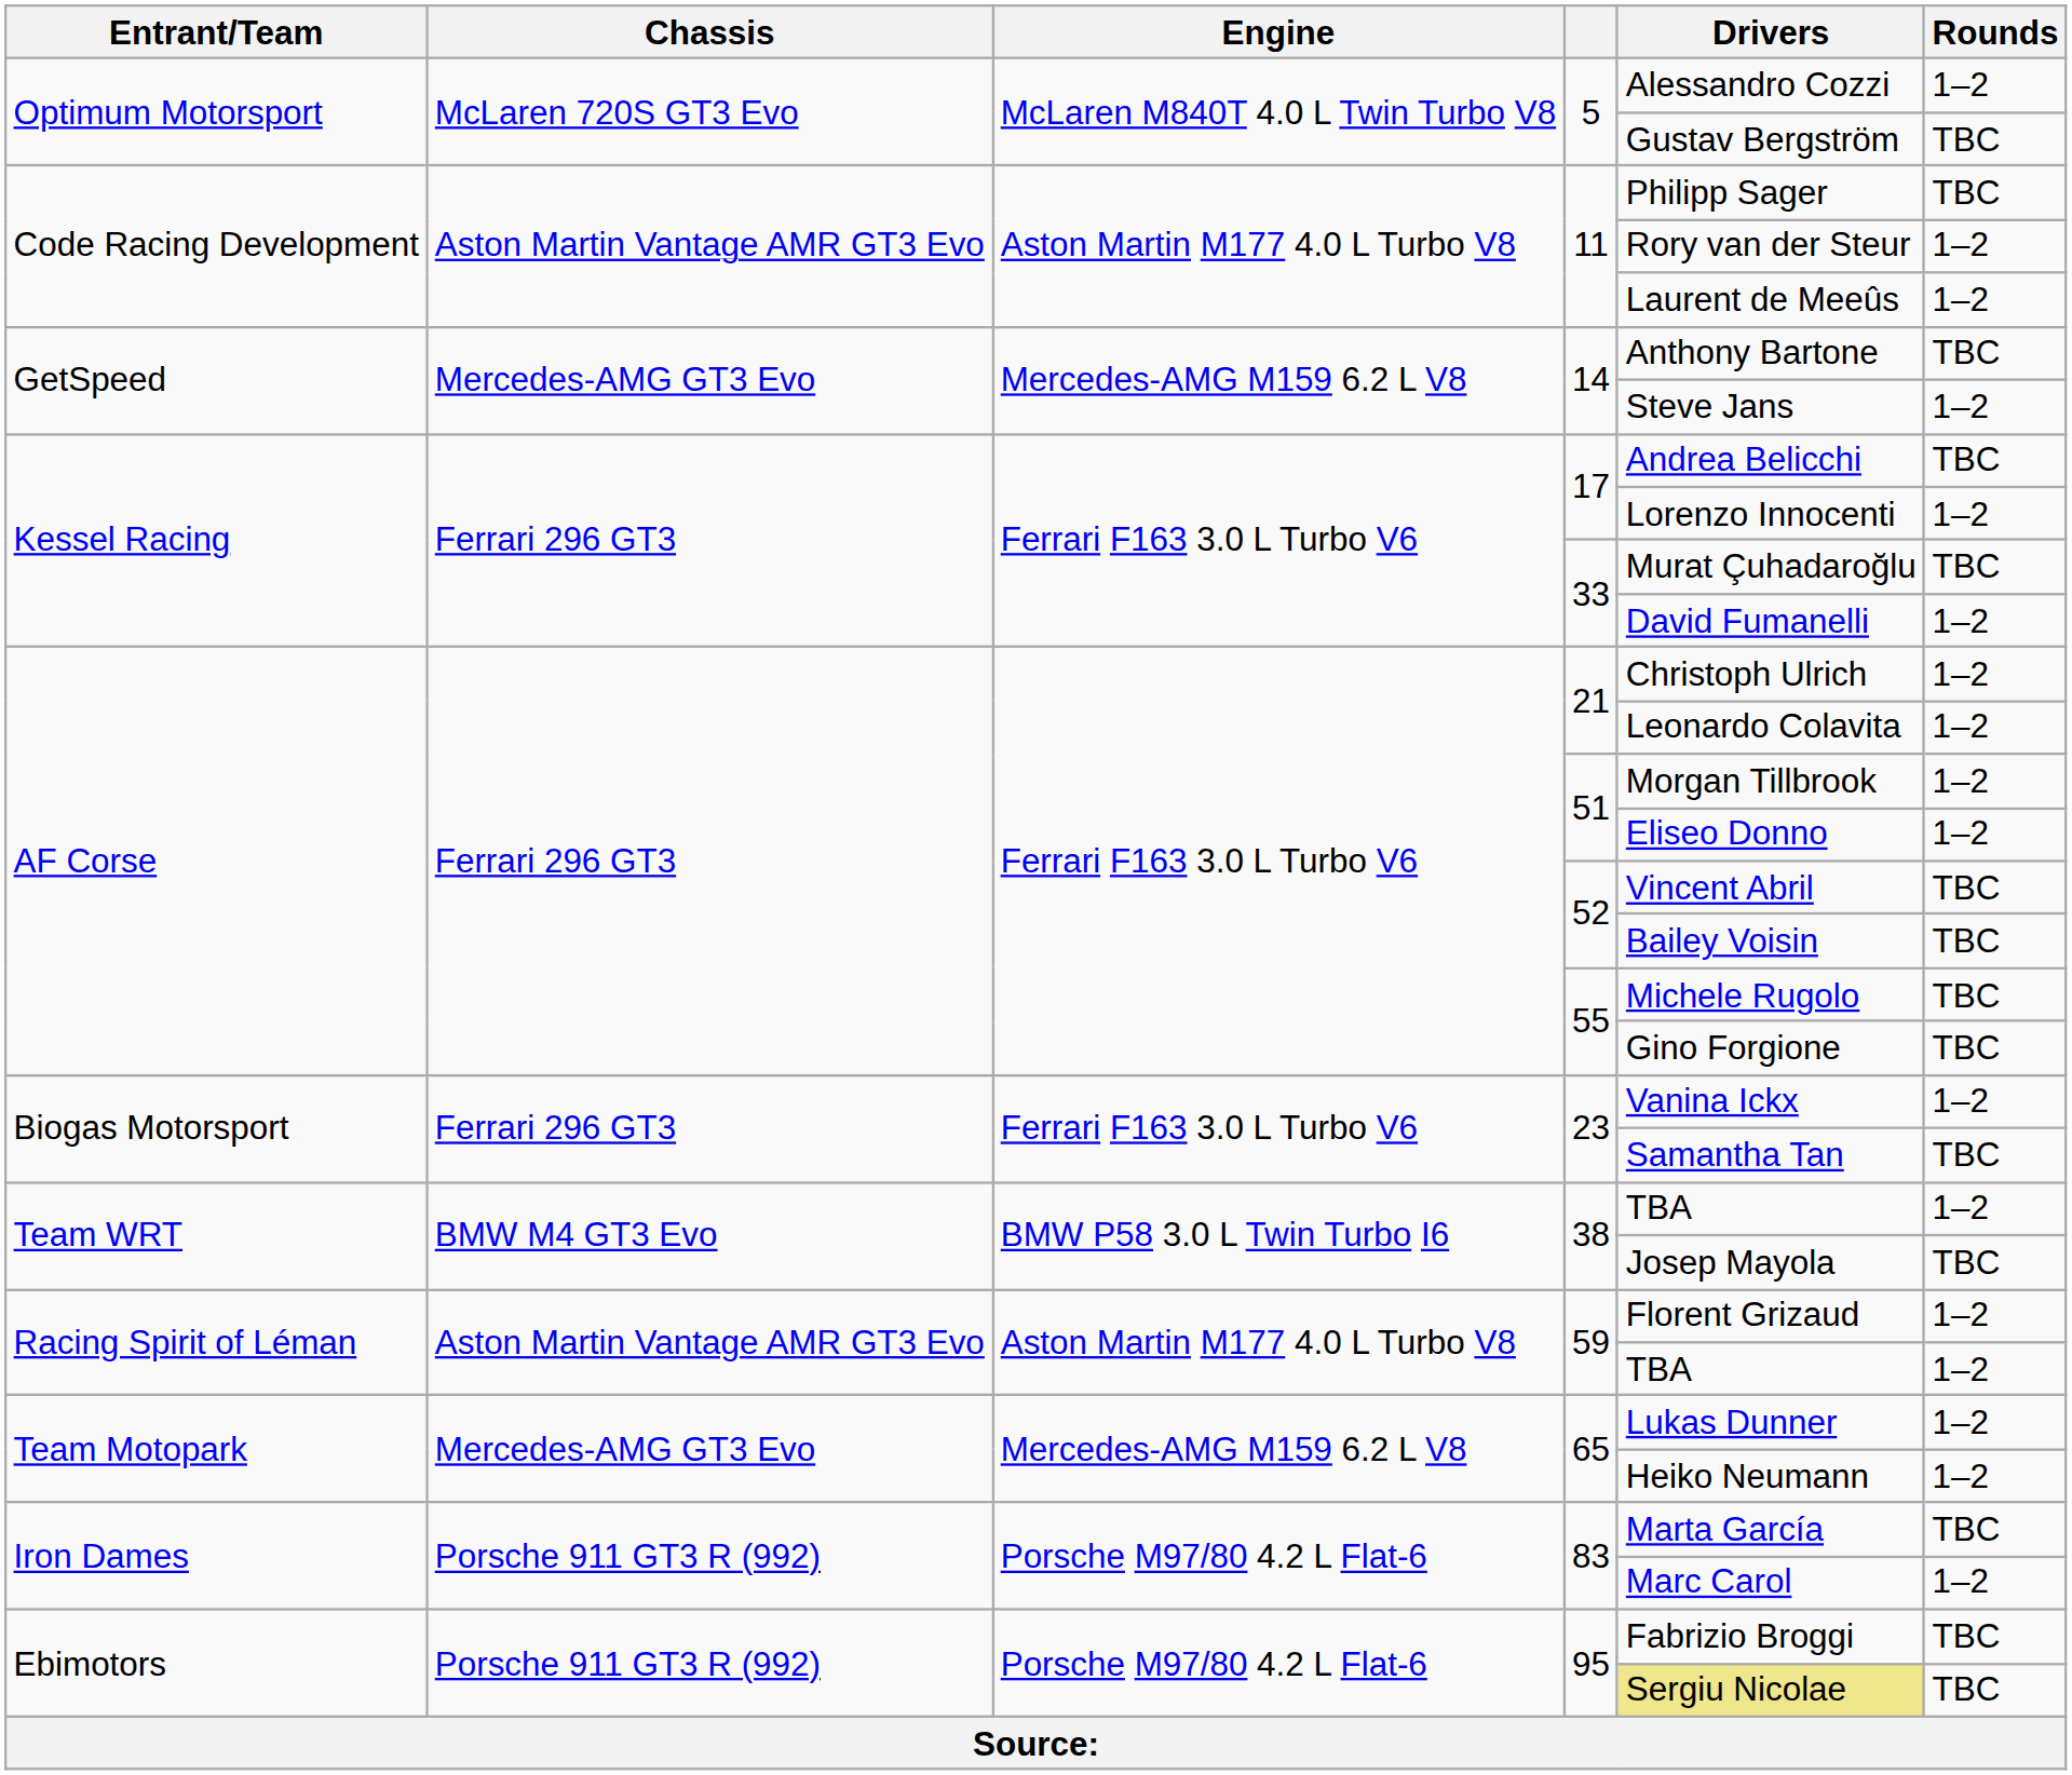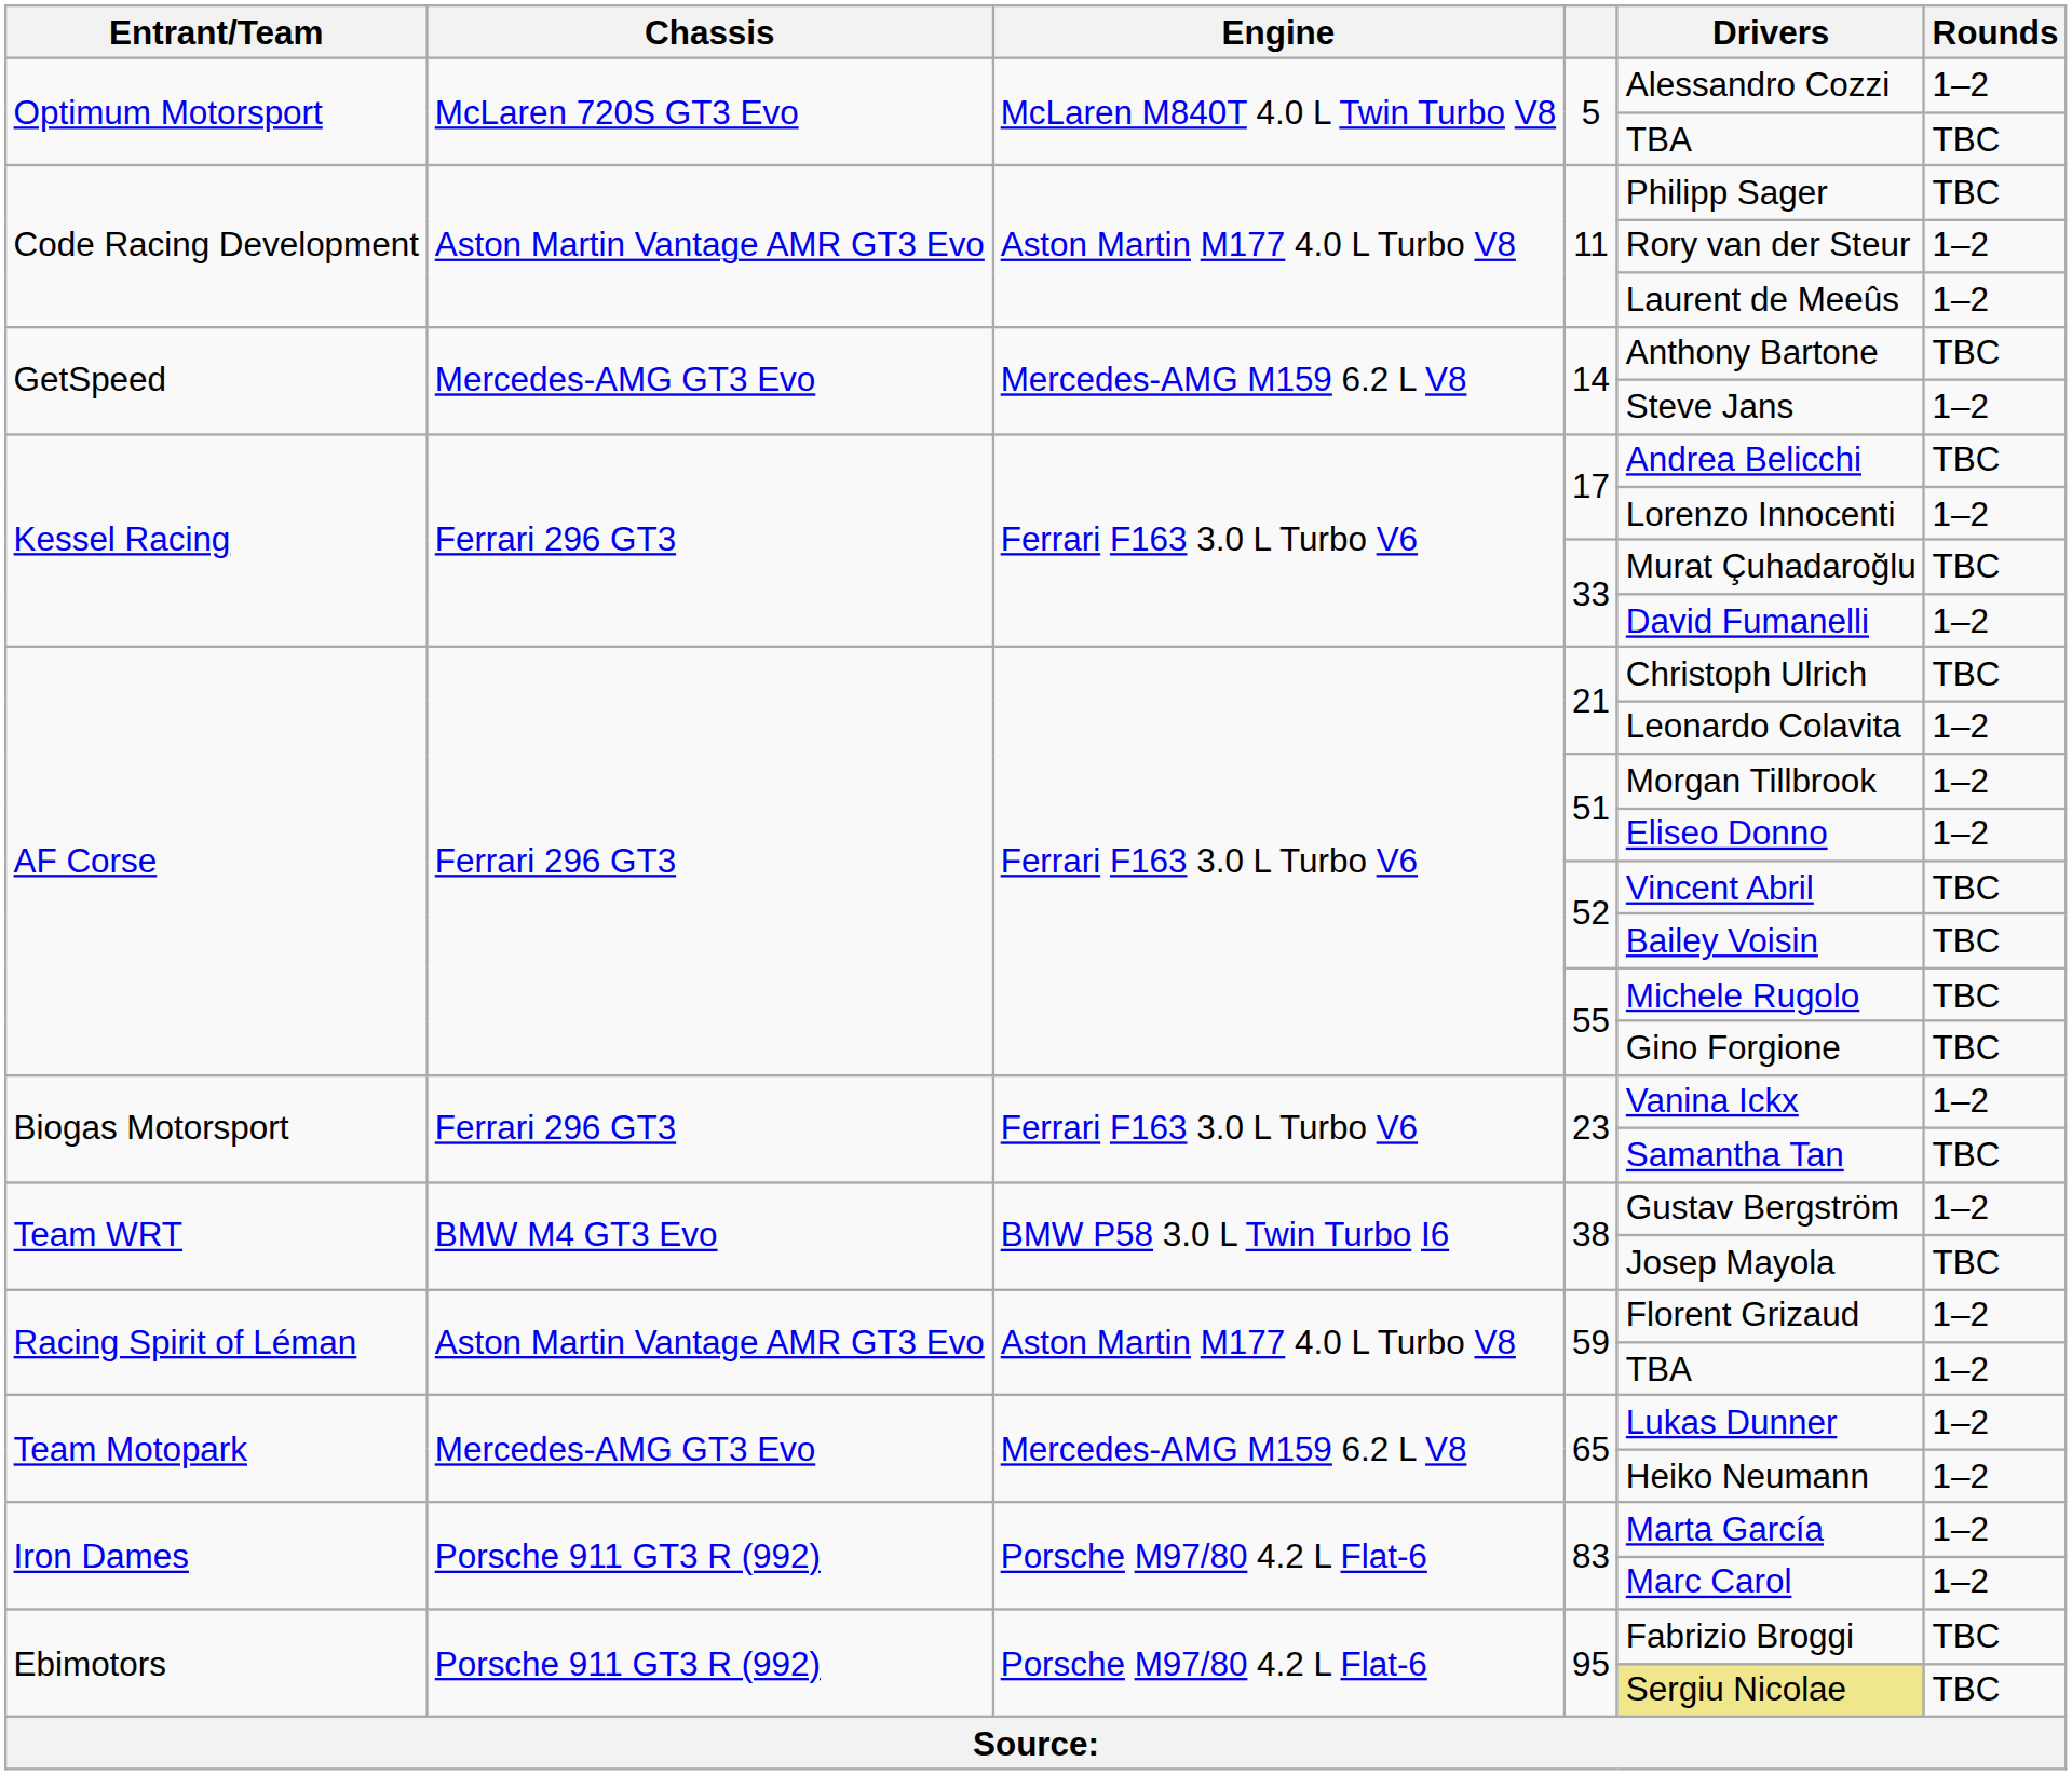 <table class="wikitable" style="font-size: 85%;">
 <tr>
 <th>Entrant/Team</th>
 <th>Chassis</th>
 <th>Engine</th>
 <th></th>
 <th>Drivers</th>
 <th>Rounds</th>
 </tr>
 <tr>
 <td rowspan="2"> <a href='#'>Optimum Motorsport</a></td>
 <td rowspan="2"><a href='#'>McLaren 720S GT3 Evo</a></td>
 <td rowspan="2"><a href='#'>McLaren M840T</a> 4.0 L <a href='#'>Twin Turbo</a> <a href='#'>V8</a></td>
 <td rowspan="2" align="center">5</td>
 <td> Alessandro Cozzi</td>
 <td>1–2</td>
 </tr>
 <tr>
-<td> Gustav Bergström</td>
+<td> TBA</td>
 <td>TBC</td>
 </tr>
 <tr>
 <td rowspan="3"> Code Racing Development</td>
 <td rowspan="3"><a href='#'>Aston Martin Vantage AMR GT3 Evo</a></td>
 <td rowspan="3"><a href='#'>Aston Martin</a> <a href='#'>M177</a> 4.0 L Turbo <a href='#'>V8</a></td>
 <td rowspan="3" align="center">11</td>
 <td> Philipp Sager</td>
 <td>TBC</td>
 </tr>
 <tr>
 <td> Rory van der Steur</td>
 <td>1–2</td>
 </tr>
 <tr>
 <td> Laurent de Meeûs</td>
 <td>1–2</td>
 </tr>
 <tr>
 <td rowspan="2"> GetSpeed</td>
 <td rowspan="2"><a href='#'>Mercedes-AMG GT3 Evo</a></td>
 <td rowspan="2"><a href='#'>Mercedes-AMG M159</a> 6.2 L <a href='#'>V8</a></td>
 <td rowspan="2" align="center">14</td>
 <td> Anthony Bartone</td>
 <td>TBC</td>
 </tr>
 <tr>
 <td> Steve Jans</td>
 <td>1–2</td>
 </tr>
 <tr>
 <td rowspan="4"> <a href='#'>Kessel Racing</a></td>
 <td rowspan="4"><a href='#'>Ferrari 296 GT3</a></td>
 <td rowspan="4"><a href='#'>Ferrari</a> <a href='#'>F163</a> 3.0 L Turbo <a href='#'>V6</a></td>
 <td rowspan="2" align="center">17</td>
 <td> <a href='#'>Andrea Belicchi</a></td>
 <td>TBC</td>
 </tr>
 <tr>
 <td> Lorenzo Innocenti</td>
 <td>1–2</td>
 </tr>
 <tr>
 <td rowspan="2" align="center">33</td>
 <td> Murat Çuhadaroğlu</td>
 <td>TBC</td>
 </tr>
 <tr>
 <td> <a href='#'>David Fumanelli</a></td>
 <td>1–2</td>
 </tr>
 <tr>
 <td rowspan="8"> <a href='#'>AF Corse</a></td>
 <td rowspan="8"><a href='#'>Ferrari 296 GT3</a></td>
 <td rowspan="8"><a href='#'>Ferrari</a> <a href='#'>F163</a> 3.0 L Turbo <a href='#'>V6</a></td>
 <td rowspan="2" align="center">21</td>
 <td> Christoph Ulrich</td>
-<td>1–2</td>
+<td>TBC</td>
 </tr>
 <tr>
 <td> Leonardo Colavita</td>
 <td>1–2</td>
 </tr>
 <tr>
 <td rowspan="2" align="center">51</td>
 <td> Morgan Tillbrook</td>
 <td>1–2</td>
 </tr>
 <tr>
 <td> <a href='#'>Eliseo Donno</a></td>
 <td>1–2</td>
 </tr>
 <tr>
 <td rowspan="2" align="center">52</td>
 <td> <a href='#'>Vincent Abril</a></td>
 <td>TBC</td>
 </tr>
 <tr>
 <td> <a href='#'>Bailey Voisin</a></td>
 <td>TBC</td>
 </tr>
 <tr>
 <td rowspan="2" align="center">55</td>
 <td> <a href='#'>Michele Rugolo</a></td>
 <td>TBC</td>
 </tr>
 <tr>
 <td> Gino Forgione</td>
 <td>TBC</td>
 </tr>
 <tr>
 <td rowspan="2"> Biogas Motorsport</td>
 <td rowspan="2"><a href='#'>Ferrari 296 GT3</a></td>
 <td rowspan="2"><a href='#'>Ferrari</a> <a href='#'>F163</a> 3.0 L Turbo <a href='#'>V6</a></td>
 <td rowspan="2" align="center">23</td>
 <td> <a href='#'>Vanina Ickx</a></td>
 <td>1–2</td>
 </tr>
 <tr>
 <td> <a href='#'>Samantha Tan</a></td>
 <td>TBC</td>
 </tr>
 <tr>
 <td rowspan="2"> <a href='#'>Team WRT</a></td>
 <td rowspan="2"><a href='#'>BMW M4 GT3 Evo</a></td>
 <td rowspan="2"><a href='#'>BMW P58</a> 3.0 L <a href='#'>Twin Turbo</a> <a href='#'>I6</a></td>
 <td rowspan="2" align="center">38</td>
-<td> TBA</td>
+<td> Gustav Bergström</td>
 <td>1–2</td>
 </tr>
 <tr>
 <td> Josep Mayola</td>
 <td>TBC</td>
 </tr>
 <tr>
 <td rowspan="2"> <a href='#'>Racing Spirit of Léman</a></td>
 <td rowspan="2"><a href='#'>Aston Martin Vantage AMR GT3 Evo</a></td>
 <td rowspan="2"><a href='#'>Aston Martin</a> <a href='#'>M177</a> 4.0 L Turbo <a href='#'>V8</a></td>
 <td rowspan="2" align="center">59</td>
 <td> Florent Grizaud</td>
 <td>1–2</td>
 </tr>
 <tr>
 <td> TBA</td>
 <td>1–2</td>
 </tr>
 <tr>
 <td rowspan="2"> <a href='#'>Team Motopark</a></td>
 <td rowspan="2"><a href='#'>Mercedes-AMG GT3 Evo</a></td>
 <td rowspan="2"><a href='#'>Mercedes-AMG M159</a> 6.2 L <a href='#'>V8</a></td>
 <td rowspan="2" align="center">65</td>
 <td> <a href='#'>Lukas Dunner</a></td>
 <td>1–2</td>
 </tr>
 <tr>
 <td> Heiko Neumann</td>
 <td>1–2</td>
 </tr>
 <tr>
 <td rowspan="2"> <a href='#'>Iron Dames</a></td>
 <td rowspan="2"><a href='#'>Porsche 911 GT3 R (992)</a></td>
 <td rowspan="2"><a href='#'>Porsche</a> <a href='#'>M97/80</a> 4.2 L <a href='#'>Flat-6</a></td>
 <td rowspan="2" align="center">83</td>
 <td> <a href='#'>Marta García</a></td>
-<td>TBC</td>
+<td>1–2</td>
 </tr>
 <tr>
 <td> <a href='#'>Marc Carol</a></td>
 <td>1–2</td>
 </tr>
 <tr>
 <td rowspan="2"> Ebimotors</td>
 <td rowspan="2"><a href='#'>Porsche 911 GT3 R (992)</a></td>
 <td rowspan="2"><a href='#'>Porsche</a> <a href='#'>M97/80</a> 4.2 L <a href='#'>Flat-6</a></td>
 <td rowspan="2" align="center">95</td>
 <td> Fabrizio Broggi</td>
 <td>TBC</td>
 </tr>
 <tr>
 <td style="background: khaki;"> Sergiu Nicolae</td>
 <td>TBC</td>
 </tr>
 <tr>
 <th colspan=6>Source:</th>
 </tr>
 </table>
